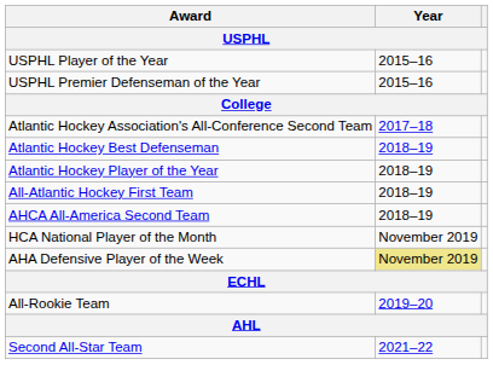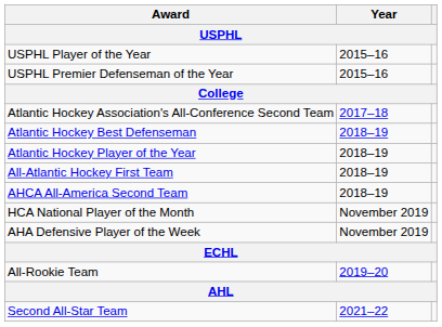 <table class="wikitable">
 <tr>
 <th>Award</th>
 <th>Year</th>
 <th></th>
 </tr>
 <tr>
 <th colspan="3"><a href='#'>USPHL</a></th>
 </tr>
 <tr>
 <td>USPHL Player of the Year</td>
 <td>2015–16</td>
 <td></td>
 </tr>
 <tr>
 <td>USPHL Premier Defenseman of the Year</td>
 <td>2015–16</td>
 <td></td>
 </tr>
 <tr>
 <th colspan="3"><a href='#'>College</a></th>
 </tr>
 <tr>
 <td>Atlantic Hockey Association's All-Conference Second Team</td>
 <td><a href='#'>2017–18</a></td>
 <td></td>
 </tr>
 <tr>
 <td><a href='#'>Atlantic Hockey Best Defenseman</a></td>
 <td><a href='#'>2018–19</a></td>
 <td></td>
 </tr>
 <tr>
 <td><a href='#'>Atlantic Hockey Player of the Year</a></td>
 <td>2018–19</td>
 <td></td>
 </tr>
 <tr>
 <td><a href='#'>All-Atlantic Hockey First Team</a></td>
 <td>2018–19</td>
 <td></td>
 </tr>
 <tr>
 <td><a href='#'>AHCA All-America Second Team</a></td>
 <td>2018–19</td>
 <td></td>
 </tr>
 <tr>
 <td>HCA National Player of the Month</td>
 <td>November 2019</td>
 <td></td>
 </tr>
 <tr>
 <td>AHA Defensive Player of the Week</td>
-<td style="background: khaki;">November 2019</td>
+<td>November 2019</td>
 <td></td>
 </tr>
 <tr>
 <th colspan="3"><a href='#'>ECHL</a></th>
 </tr>
 <tr>
 <td>All-Rookie Team</td>
 <td><a href='#'>2019–20</a></td>
 <td></td>
 </tr>
 <tr ALIGN="center" bgcolor="#e0e0e0">
 <th colspan="3"><a href='#'>AHL</a></th>
 </tr>
 <tr>
 <td><a href='#'>Second All-Star Team</a></td>
 <td><a href='#'>2021–22</a></td>
 <td></td>
 </tr>
 </table>
